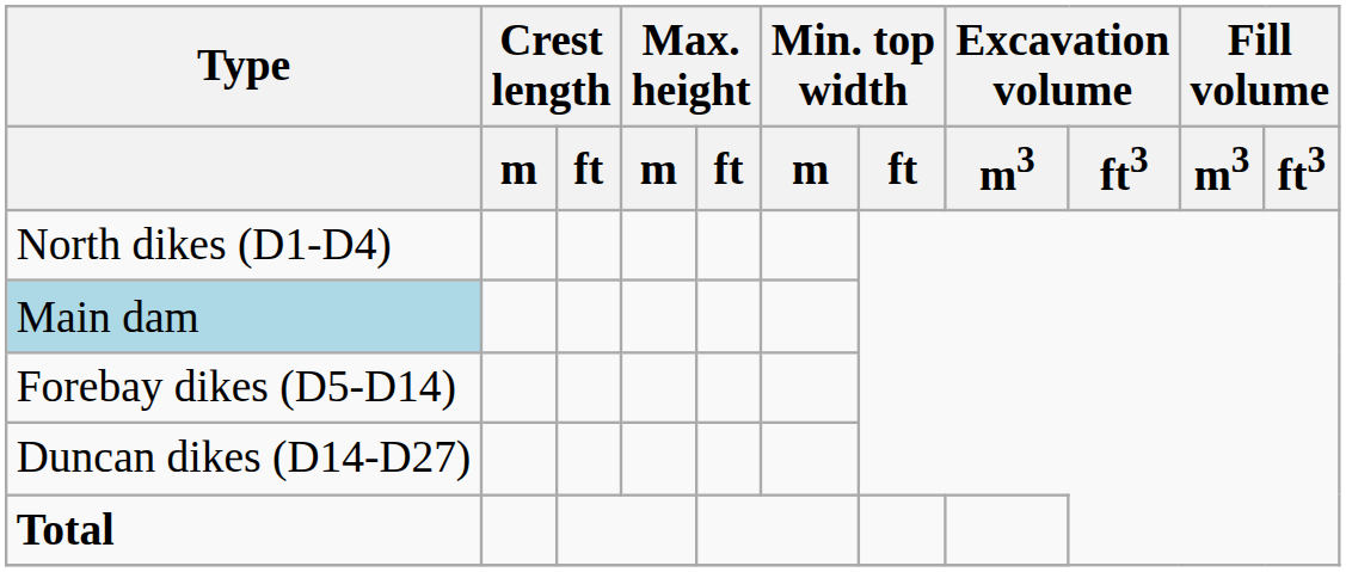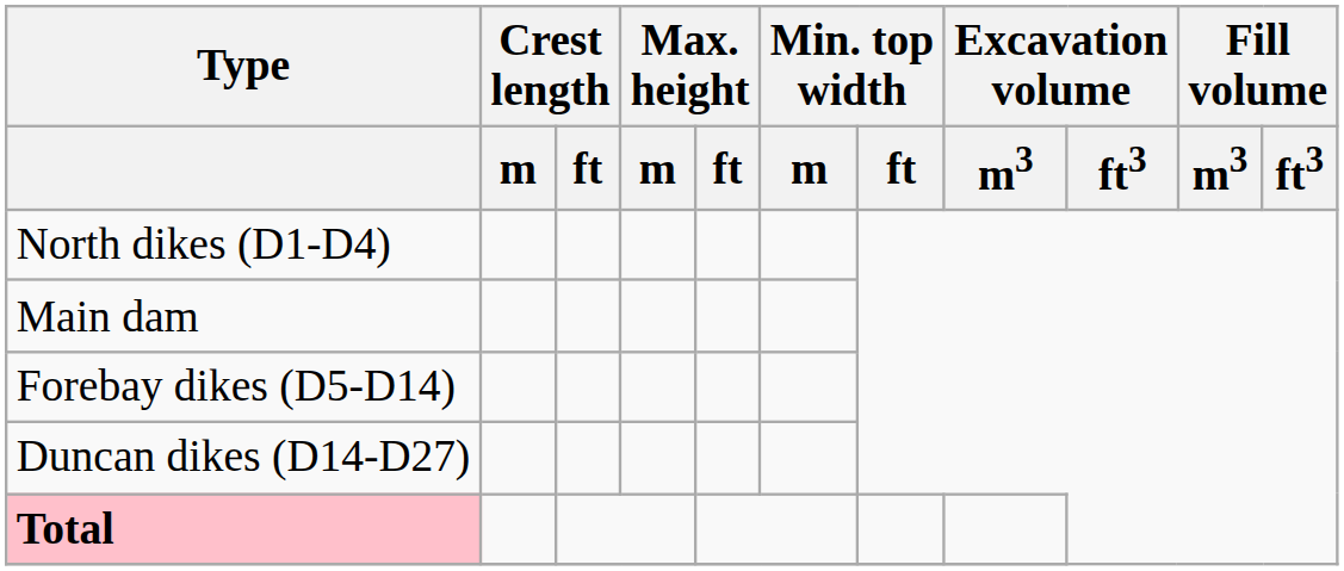 <table class="wikitable sortable" border="1" align="center">
 <tr>
 <th>Type</th>
 <th colspan=2>Crest<br>length</th>
 <th colspan=2>Max.<br>height</th>
 <th colspan=2>Min. top<br>width</th>
 <th colspan=2>Excavation<br>volume</th>
 <th colspan=2>Fill<br>volume</th>
 </tr>
 <tr>
 <th></th>
 <th>m</th>
 <th>ft</th>
 <th>m</th>
 <th>ft</th>
 <th>m</th>
 <th>ft</th>
 <th>m<sup>3</sup></th>
 <th>ft<sup>3</sup></th>
 <th>m<sup>3</sup></th>
 <th>ft<sup>3</sup></th>
 </tr>
 <tr>
 <td>North dikes (D1-D4)</td>
 <td></td>
 <td></td>
 <td></td>
 <td></td>
 <td></td>
 </tr>
 <tr>
-<td style="background: lightblue;">Main dam</td>
+<td>Main dam</td>
 <td></td>
 <td></td>
 <td></td>
 <td></td>
 <td></td>
 </tr>
 <tr>
 <td>Forebay dikes (D5-D14)</td>
 <td></td>
 <td></td>
 <td></td>
 <td></td>
 <td></td>
 </tr>
 <tr>
 <td>Duncan dikes (D14-D27)</td>
 <td></td>
 <td></td>
 <td></td>
 <td></td>
 <td></td>
 </tr>
 <tr>
-<td><strong>Total</strong></td>
+<td style="background: pink;"><strong>Total</strong></td>
 <td></td>
 <td colspan=2></td>
 <td colspan=2></td>
 <td></td>
 <td></td>
 </tr>
 <tr>
 </tr>
 </table>
